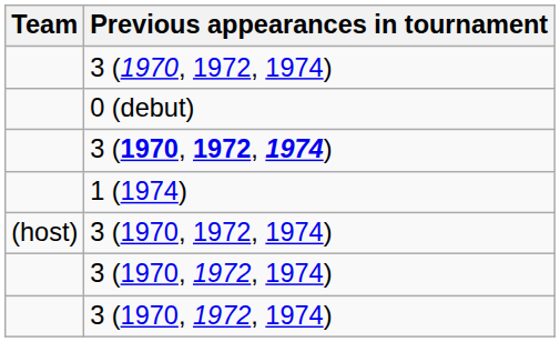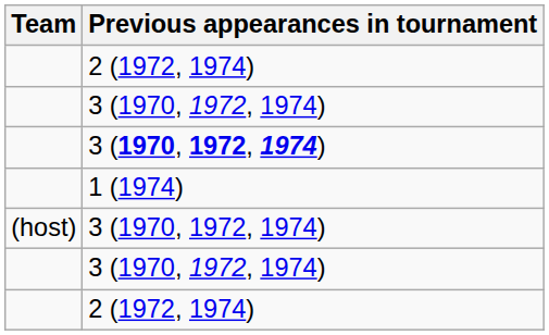 <table class="wikitable sortable">
 <tr>
 <th>Team</th>
 <th data-sort-type="number">Previous appearances in tournament</th>
 </tr>
 <tr>
 <td></td>
-<td>3 (<em><a href='#'>1970</a></em>, <a href='#'>1972</a>, <a href='#'>1974</a>)</td>
+<td>2 (<a href='#'>1972</a>, <a href='#'>1974</a>)</td>
 </tr>
 <tr>
 <td></td>
-<td>0 (debut)</td>
+<td>3 (<a href='#'>1970</a>, <em><a href='#'>1972</a></em>, <a href='#'>1974</a>)</td>
 </tr>
 <tr>
 <td></td>
 <td>3 (<strong><a href='#'>1970</a></strong>, <strong><a href='#'>1972</a></strong>, <strong><em><a href='#'>1974</a></em></strong>)</td>
 </tr>
 <tr>
 <td></td>
 <td>1 (<a href='#'>1974</a>)</td>
 </tr>
 <tr>
 <td> (host)</td>
 <td>3 (<a href='#'>1970</a>, <a href='#'>1972</a>, <a href='#'>1974</a>)</td>
 </tr>
 <tr>
 <td></td>
 <td>3 (<a href='#'>1970</a>, <em><a href='#'>1972</a></em>, <a href='#'>1974</a>)</td>
 </tr>
 <tr>
 <td></td>
-<td>3 (<a href='#'>1970</a>, <em><a href='#'>1972</a></em>, <a href='#'>1974</a>)</td>
+<td>2 (<a href='#'>1972</a>, <a href='#'>1974</a>)</td>
 </tr>
 </table>
